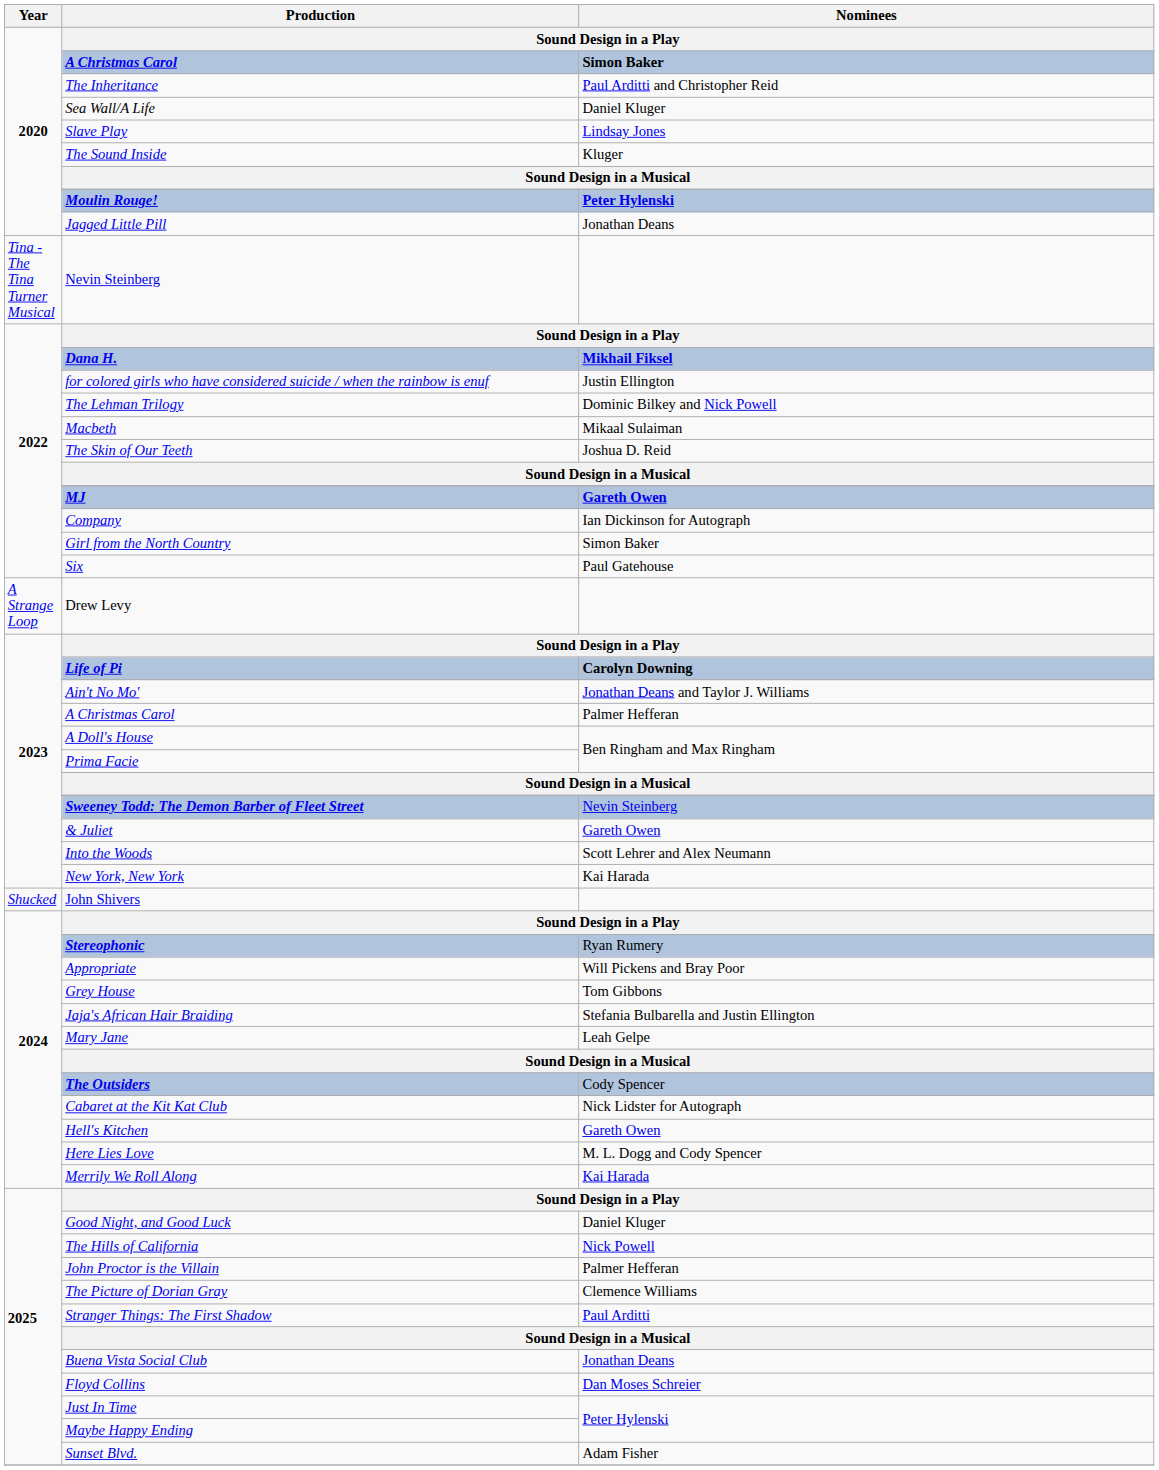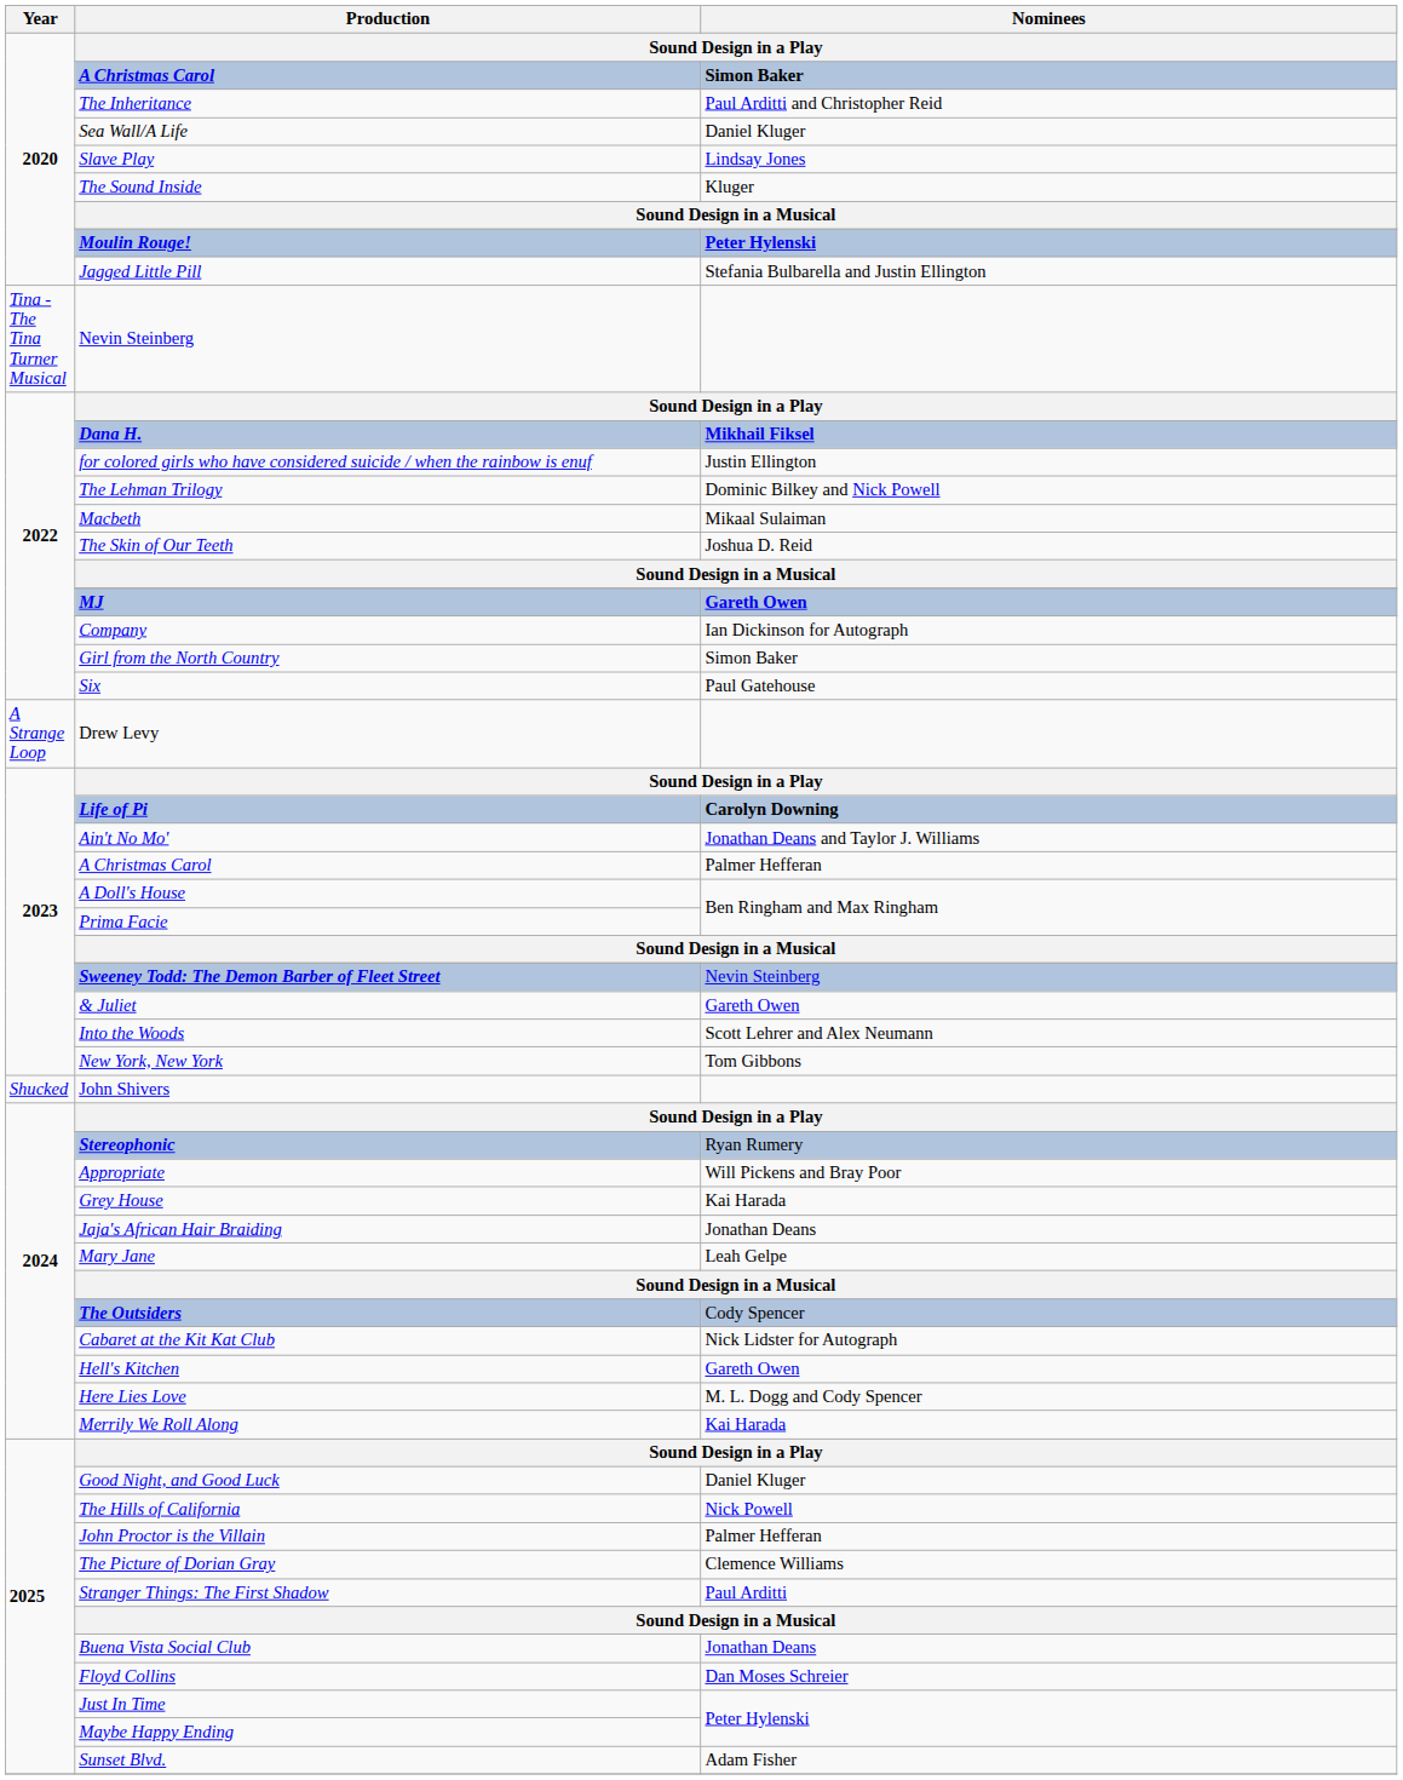 <table class="wikitable" style="width:100%;">
 <tr style="background:#bebebe;">
 <th style="width:5%;">Year</th>
 <th style="width:45%;">Production</th>
 <th style="width:50%;">Nominees</th>
 </tr>
 <tr>
 <td rowspan="10" align="center"><strong>2020</strong><br></td>
 <th colspan="2">Sound Design in a Play</th>
 </tr>
 <tr style="background:#B0C4DE">
 <td><em><a href='#'><strong>A Christmas Carol</strong></a></em></td>
 <td><strong>Simon Baker</strong></td>
 </tr>
 <tr>
 <td><em><a href='#'>The Inheritance</a></em></td>
 <td><a href='#'>Paul Arditti</a> and Christopher Reid</td>
 </tr>
 <tr>
 <td><em>Sea Wall/A Life</em></td>
 <td>Daniel Kluger</td>
 </tr>
 <tr>
 <td><em><a href='#'>Slave Play</a></em></td>
 <td><a href='#'>Lindsay Jones</a></td>
 </tr>
 <tr>
 <td><em><a href='#'>The Sound Inside</a></em></td>
 <td>Kluger</td>
 </tr>
 <tr>
 <th colspan="2">Sound Design in a Musical</th>
 </tr>
 <tr>
 </tr>
 <tr style="background:#B0C4DE">
 <td><em><a href='#'><strong>Moulin Rouge!</strong></a></em></td>
 <td><strong><a href='#'>Peter Hylenski</a></strong></td>
 </tr>
 <tr>
 <td><em><a href='#'>Jagged Little Pill</a></em></td>
-<td>Jonathan Deans</td>
+<td>Stefania Bulbarella and Justin Ellington</td>
 </tr>
 <tr>
 <td><em><a href='#'>Tina - The Tina Turner Musical</a></em></td>
 <td><a href='#'>Nevin Steinberg</a></td>
 </tr>
 <tr>
 <td rowspan="12" align="center"><strong>2022</strong><br><br></td>
 <th colspan="2">Sound Design in a Play</th>
 </tr>
 <tr style="background:#B0C4DE">
 <td><strong><em><a href='#'>Dana H.</a></em></strong></td>
 <td><strong><a href='#'>Mikhail Fiksel</a></strong></td>
 </tr>
 <tr>
 <td><em><a href='#'>for colored girls who have considered suicide / when the rainbow is enuf</a></em></td>
 <td>Justin Ellington</td>
 </tr>
 <tr>
 <td><em><a href='#'>The Lehman Trilogy</a></em></td>
 <td>Dominic Bilkey and <a href='#'>Nick Powell</a></td>
 </tr>
 <tr>
 <td><em><a href='#'>Macbeth</a></em></td>
 <td>Mikaal Sulaiman</td>
 </tr>
 <tr>
 <td><em><a href='#'>The Skin of Our Teeth</a></em></td>
 <td>Joshua D. Reid</td>
 </tr>
 <tr>
 <th colspan="2">Sound Design in a Musical</th>
 </tr>
 <tr>
 </tr>
 <tr style="background:#B0C4DE">
 <td><em><a href='#'><strong>MJ</strong></a></em></td>
 <td><a href='#'><strong>Gareth Owen</strong></a></td>
 </tr>
 <tr>
 <td><em><a href='#'>Company</a></em></td>
 <td>Ian Dickinson for Autograph</td>
 </tr>
 <tr>
 <td><em><a href='#'>Girl from the North Country</a></em></td>
 <td>Simon Baker</td>
 </tr>
 <tr>
 <td><em><a href='#'>Six</a></em></td>
 <td>Paul Gatehouse</td>
 </tr>
 <tr>
 <td><em><a href='#'>A Strange Loop</a></em></td>
 <td>Drew Levy</td>
 </tr>
 <tr>
 <td rowspan="12" align="center"><strong>2023</strong><br><br></td>
 <th colspan="2">Sound Design in a Play</th>
 </tr>
 <tr style="background:#B0C4DE">
 <td><strong><em><a href='#'>Life of Pi</a></em></strong></td>
 <td><strong>Carolyn Downing</strong></td>
 </tr>
 <tr>
 <td><em><a href='#'>Ain't No Mo'</a></em></td>
 <td><a href='#'>Jonathan Deans</a> and Taylor J. Williams</td>
 </tr>
 <tr>
 <td><em><a href='#'>A Christmas Carol</a></em></td>
 <td>Palmer Hefferan</td>
 </tr>
 <tr>
 <td><em><a href='#'>A Doll's House</a></em></td>
 <td rowspan=2>Ben Ringham and Max Ringham</td>
 </tr>
 <tr>
 <td><em><a href='#'>Prima Facie</a></em></td>
 </tr>
 <tr>
 <th colspan="2">Sound Design in a Musical</th>
 </tr>
 <tr>
 </tr>
 <tr style="background:#B0C4DE">
 <td><strong><em><a href='#'>Sweeney Todd: The Demon Barber of Fleet Street</a></em></strong></td>
 <td><a href='#'>Nevin Steinberg</a></td>
 </tr>
 <tr>
 <td><em><a href='#'>& Juliet</a></em></td>
 <td><a href='#'>Gareth Owen</a></td>
 </tr>
 <tr>
 <td><em><a href='#'>Into the Woods</a></em></td>
 <td>Scott Lehrer and Alex Neumann</td>
 </tr>
 <tr>
 <td><em><a href='#'>New York, New York</a></em></td>
-<td>Kai Harada</td>
+<td>Tom Gibbons</td>
 </tr>
 <tr>
 <td><em><a href='#'>Shucked</a></em></td>
 <td><a href='#'>John Shivers</a></td>
 </tr>
 <tr>
 <td rowspan="12" align="center"><strong>2024</strong><br><br></td>
 <th colspan="2">Sound Design in a Play</th>
 </tr>
 <tr style="background:#B0C4DE">
 <td><strong><em><a href='#'>Stereophonic</a></em></strong></td>
 <td>Ryan Rumery</td>
 </tr>
 <tr>
 <td><em><a href='#'>Appropriate</a></em></td>
 <td>Will Pickens and Bray Poor</td>
 </tr>
 <tr>
 <td><em><a href='#'>Grey House</a></em></td>
-<td>Tom Gibbons</td>
+<td>Kai Harada</td>
 </tr>
 <tr>
 <td><em><a href='#'>Jaja's African Hair Braiding</a></em></td>
-<td>Stefania Bulbarella and Justin Ellington</td>
+<td>Jonathan Deans</td>
 </tr>
 <tr>
 <td><em><a href='#'>Mary Jane</a></em></td>
 <td>Leah Gelpe</td>
 </tr>
 <tr>
 <th colspan="2">Sound Design in a Musical</th>
 </tr>
 <tr style="background:#B0C4DE">
 <td><strong><em><a href='#'>The Outsiders</a></em></strong></td>
 <td>Cody Spencer</td>
 </tr>
 <tr>
 <td><em><a href='#'>Cabaret at the Kit Kat Club</a></em></td>
 <td>Nick Lidster for Autograph</td>
 </tr>
 <tr>
 <td><em><a href='#'>Hell's Kitchen</a></em></td>
 <td><a href='#'>Gareth Owen</a></td>
 </tr>
 <tr>
 <td><em><a href='#'>Here Lies Love</a></em></td>
 <td>M. L. Dogg and Cody Spencer</td>
 </tr>
 <tr>
 <td><em><a href='#'>Merrily We Roll Along</a></em></td>
 <td><a href='#'>Kai Harada</a></td>
 </tr>
 <tr>
 <td rowspan="12"><strong>2025</strong><br><br></td>
 <th colspan="2">Sound Design in a Play</th>
 </tr>
 <tr>
 <td><em><a href='#'>Good Night, and Good Luck</a></em></td>
 <td>Daniel Kluger</td>
 </tr>
 <tr>
 <td><em><a href='#'>The Hills of California</a></em></td>
 <td><a href='#'>Nick Powell</a></td>
 </tr>
 <tr>
 <td><a href='#'><em>John Proctor is the Villain</em></a></td>
 <td>Palmer Hefferan</td>
 </tr>
 <tr>
 <td><em><a href='#'>The Picture of Dorian Gray</a></em></td>
 <td>Clemence Williams</td>
 </tr>
 <tr>
 <td><em><a href='#'>Stranger Things: The First Shadow</a></em></td>
 <td><a href='#'>Paul Arditti</a></td>
 </tr>
 <tr>
 <th colspan="2">Sound Design in a Musical</th>
 </tr>
 <tr>
 <td><em><a href='#'>Buena Vista Social Club</a></em></td>
 <td><a href='#'>Jonathan Deans</a></td>
 </tr>
 <tr>
 <td><em><a href='#'>Floyd Collins</a></em></td>
 <td><a href='#'>Dan Moses Schreier</a></td>
 </tr>
 <tr>
 <td><em><a href='#'>Just In Time</a></em></td>
 <td rowspan=2><a href='#'>Peter Hylenski</a></td>
 </tr>
 <tr>
 <td><em><a href='#'>Maybe Happy Ending</a></em></td>
 </tr>
 <tr>
 <td><em><a href='#'>Sunset Blvd.</a></em></td>
 <td>Adam Fisher</td>
 </tr>
 <tr>
 </tr>
 </table>
